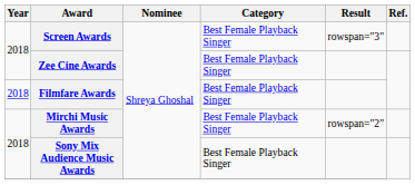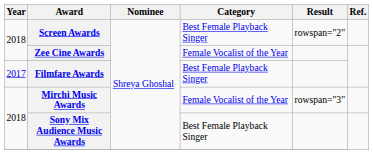 <table class="wikitable sortable plainrowheaders">
 <tr>
 <th width=5%>Year</th>
 <th width=24%>Award</th>
 <th width=20%>Nominee</th>
 <th width=33%>Category</th>
 <th width=15%>Result</th>
 <th width=2%>Ref.</th>
 </tr>
 <tr>
 <td rowspan="2">2018</td>
 <th scope="row"><a href='#'>Screen Awards</a></th>
 <td rowspan="5"><a href='#'>Shreya Ghoshal</a></td>
 <td><a href='#'>Best Female Playback Singer</a></td>
-<td>rowspan="3" </td>
+<td>rowspan="2" </td>
 <td></td>
 </tr>
 <tr>
 <th scope="row"><a href='#'>Zee Cine Awards</a></th>
-<td><a href='#'>Best Female Playback Singer</a></td>
+<td><a href='#'>Female Vocalist of the Year</a></td>
 <td></td>
 </tr>
 <tr>
-<td><a href='#'>2018</a></td>
+<td><a href='#'>2017</a></td>
 <th scope="row"><a href='#'>Filmfare Awards</a></th>
 <td><a href='#'>Best Female Playback Singer</a></td>
 <td></td>
 </tr>
 <tr>
 <td rowspan="2">2018</td>
 <th scope="row"><a href='#'>Mirchi Music Awards</a></th>
-<td><a href='#'>Best Female Playback Singer</a></td>
-<td>rowspan="2" </td>
+<td><a href='#'>Female Vocalist of the Year</a></td>
+<td>rowspan="3" </td>
 <td></td>
 </tr>
 <tr>
 <th scope="row"><a href='#'> Sony Mix Audience Music Awards</a></th>
 <td>Best Female Playback Singer</td>
 <td></td>
 </tr>
 <tr>
 </tr>
 </table>
